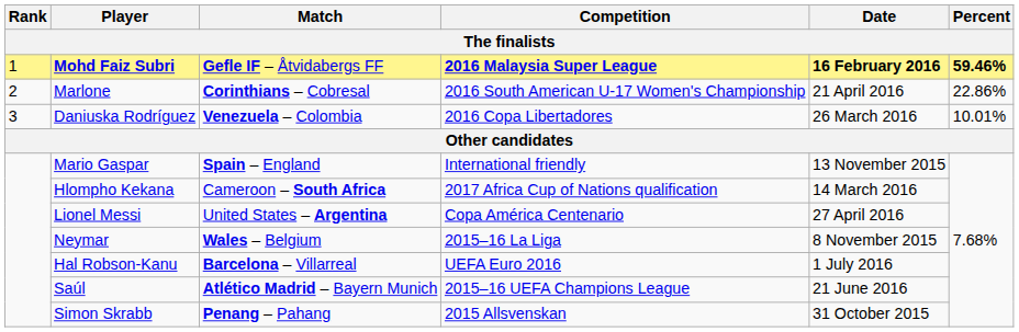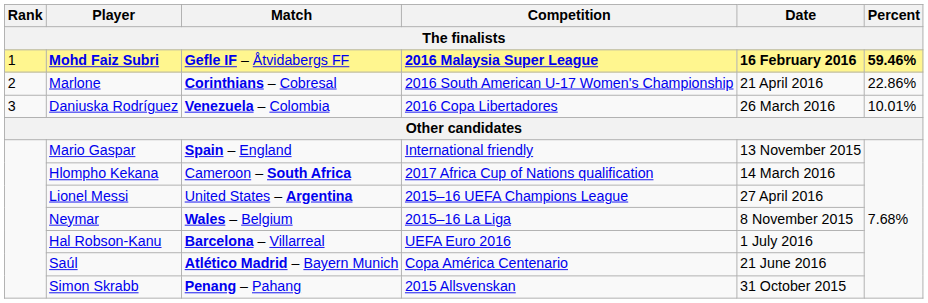 <table class="wikitable">
 <tr>
 <th>Rank</th>
 <th>Player</th>
 <th>Match</th>
 <th>Competition</th>
 <th>Date</th>
 <th>Percent</th>
 </tr>
 <tr>
 <th colspan="7">The finalists</th>
 </tr>
 <tr style="background-color: #FFF68F;">
 <td>1</td>
 <td> <strong><a href='#'>Mohd Faiz Subri</a></strong></td>
 <td><strong><a href='#'>Gefle IF</a></strong> – <a href='#'>Åtvidabergs FF</a></td>
 <td><strong><a href='#'>2016 Malaysia Super League</a></strong></td>
 <td><strong>16 February 2016</strong></td>
 <td><strong>59.46%</strong></td>
 </tr>
 <tr>
 <td>2</td>
 <td> <a href='#'>Marlone</a></td>
 <td><strong><a href='#'>Corinthians</a></strong> – <a href='#'>Cobresal</a></td>
 <td><a href='#'>2016 South American U-17 Women's Championship</a></td>
 <td>21 April 2016</td>
 <td>22.86%</td>
 </tr>
 <tr>
 <td>3</td>
 <td> <a href='#'>Daniuska Rodríguez</a></td>
 <td><strong><a href='#'>Venezuela</a></strong> – <a href='#'>Colombia</a></td>
 <td><a href='#'>2016 Copa Libertadores</a></td>
 <td>26 March 2016</td>
 <td>10.01%</td>
 </tr>
 <tr>
 <th colspan="7">Other candidates</th>
 </tr>
 <tr>
 <td rowspan="7"></td>
 <td> <a href='#'>Mario Gaspar</a></td>
 <td><strong><a href='#'>Spain</a></strong> – <a href='#'>England</a></td>
 <td><a href='#'>International friendly</a></td>
 <td>13 November 2015</td>
 <td rowspan="7">7.68%</td>
 </tr>
 <tr>
 <td> <a href='#'>Hlompho Kekana</a></td>
 <td><a href='#'>Cameroon</a> – <strong><a href='#'>South Africa</a></strong></td>
 <td><a href='#'>2017 Africa Cup of Nations qualification</a></td>
 <td>14 March 2016</td>
 </tr>
 <tr>
 <td> <a href='#'>Lionel Messi</a></td>
 <td><a href='#'>United States</a> – <strong><a href='#'>Argentina</a></strong></td>
-<td><a href='#'>Copa América Centenario</a></td>
+<td><a href='#'>2015–16 UEFA Champions League</a></td>
 <td>27 April 2016</td>
 </tr>
 <tr>
 <td> <a href='#'>Neymar</a></td>
 <td><strong><a href='#'>Wales</a></strong> – <a href='#'>Belgium</a></td>
 <td><a href='#'>2015–16 La Liga</a></td>
 <td>8 November 2015</td>
 </tr>
 <tr>
 <td> <a href='#'>Hal Robson-Kanu</a></td>
 <td><strong><a href='#'>Barcelona</a></strong> – <a href='#'>Villarreal</a></td>
 <td><a href='#'>UEFA Euro 2016</a></td>
 <td>1 July 2016</td>
 </tr>
 <tr>
 <td> <a href='#'>Saúl</a></td>
 <td><strong><a href='#'>Atlético Madrid</a></strong> – <a href='#'>Bayern Munich</a></td>
-<td><a href='#'>2015–16 UEFA Champions League</a></td>
+<td><a href='#'>Copa América Centenario</a></td>
 <td>21 June 2016</td>
 </tr>
 <tr>
 <td> <a href='#'>Simon Skrabb</a></td>
 <td><strong><a href='#'>Penang</a></strong> – <a href='#'>Pahang</a></td>
 <td><a href='#'>2015 Allsvenskan</a></td>
 <td>31 October 2015</td>
 </tr>
 </table>
